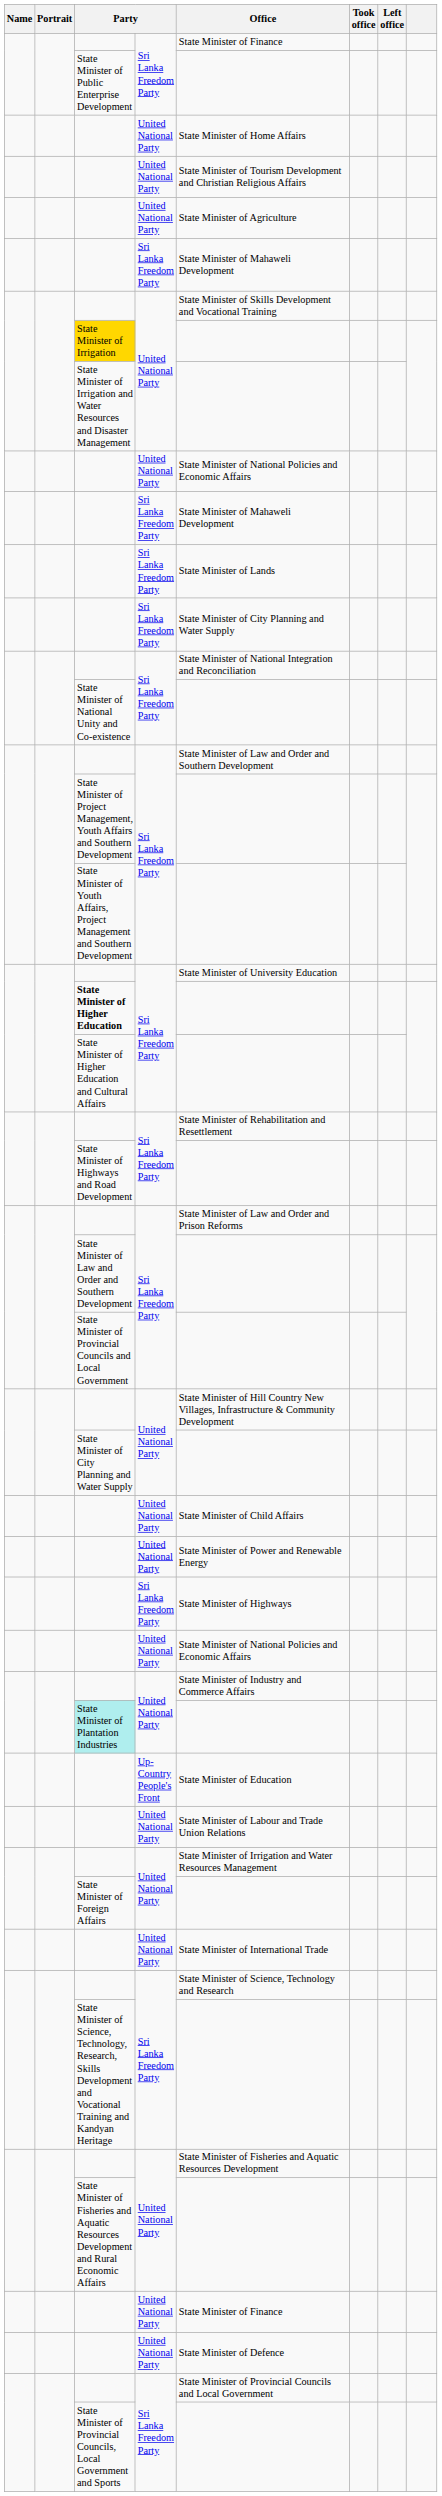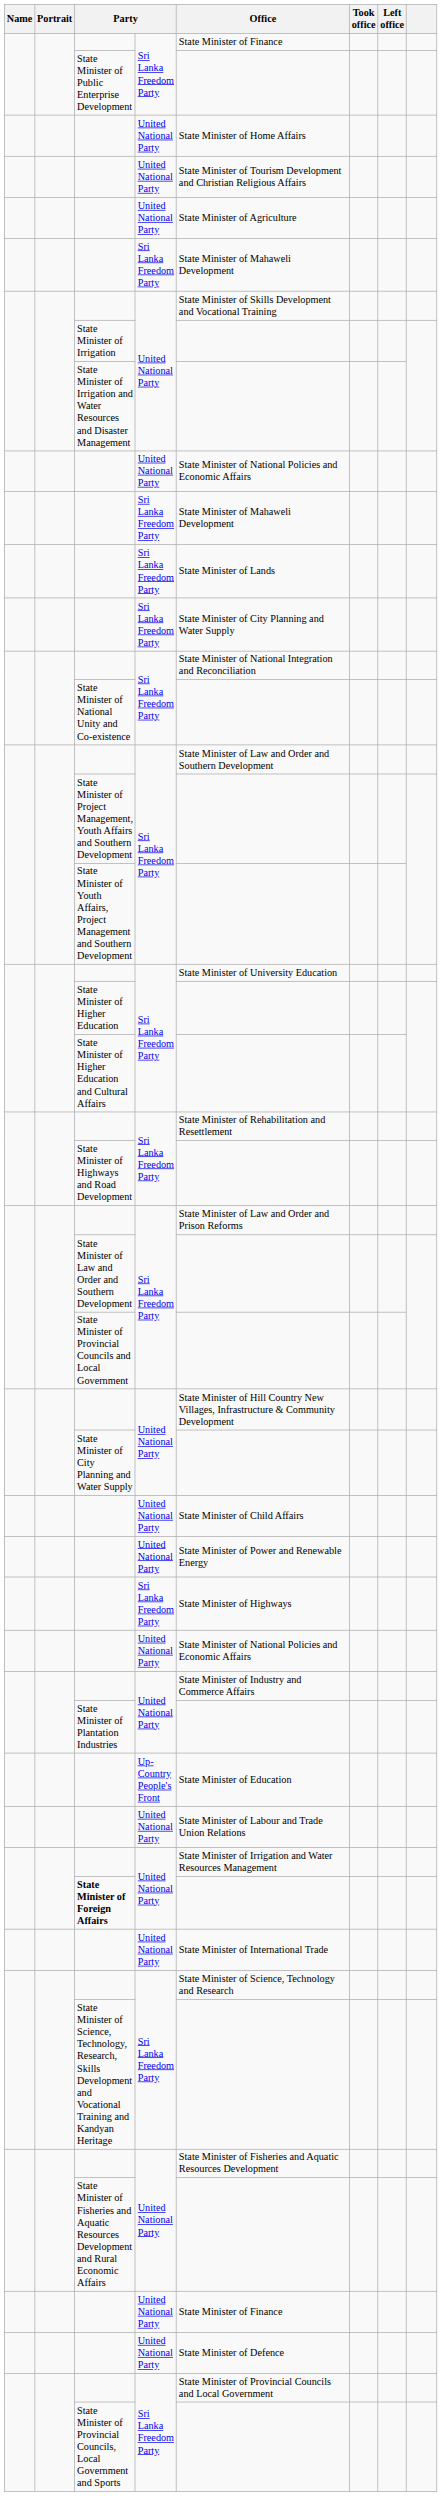 <table class="wikitable plainrowheaders sortable" style="font-size:90%; text-align:left;">
 <tr>
 <th scope=col>Name</th>
 <th scope=col class=unsortable>Portrait</th>
 <th scope=col colspan="2">Party</th>
 <th scope=col width=300px>Office</th>
 <th scope=col>Took office</th>
 <th scope=col>Left office</th>
 <th scope=col width=50px class=unsortable></th>
 </tr>
 <tr>
 <td rowspan=2></td>
 <td align=center rowspan=2></td>
 <td !align="center" style="background:"></td>
 <td rowspan=2><a href='#'>Sri Lanka Freedom Party</a></td>
 <td>State Minister of Finance</td>
 <td align=center></td>
 <td align=center></td>
 <td align=center></td>
 </tr>
 <tr>
 <td>State Minister of Public Enterprise Development</td>
 <td align=center></td>
 <td align=center></td>
 <td align=center></td>
 </tr>
 <tr>
 <td></td>
 <td align=center></td>
 <td !align="center" style="background:"></td>
 <td><a href='#'>United National Party</a></td>
 <td>State Minister of Home Affairs</td>
 <td align=center></td>
 <td align=center></td>
 <td align=center></td>
 </tr>
 <tr>
 <td></td>
 <td align=center></td>
 <td !align="center" style="background:"></td>
 <td><a href='#'>United National Party</a></td>
 <td>State Minister of Tourism Development and Christian Religious Affairs</td>
 <td align=center></td>
 <td align=center></td>
 <td align=center></td>
 </tr>
 <tr>
 <td></td>
 <td align=center></td>
 <td !align="center" style="background:"></td>
 <td><a href='#'>United National Party</a></td>
 <td>State Minister of Agriculture</td>
 <td align=center></td>
 <td align=center></td>
 <td align=center></td>
 </tr>
 <tr>
 <td></td>
 <td align=center></td>
 <td !align="center" style="background:"></td>
 <td><a href='#'>Sri Lanka Freedom Party</a></td>
 <td>State Minister of Mahaweli Development</td>
 <td align=center></td>
 <td align=center></td>
 <td align=center></td>
 </tr>
 <tr>
 <td rowspan=3></td>
 <td align=center rowspan=3></td>
 <td !align="center" style="background:"></td>
 <td rowspan=3><a href='#'>United National Party</a></td>
 <td>State Minister of Skills Development and Vocational Training</td>
 <td align=center></td>
 <td align=center></td>
 <td align=center></td>
 </tr>
 <tr>
-<td style="background: gold;">State Minister of Irrigation</td>
+<td>State Minister of Irrigation</td>
 <td align=center></td>
 <td align=center></td>
 <td align=center></td>
 </tr>
 <tr>
 <td>State Minister of Irrigation and Water Resources and Disaster Management</td>
 <td align=center></td>
 <td align=center></td>
 <td align=center></td>
 </tr>
 <tr>
 <td></td>
 <td align=center></td>
 <td !align="center" style="background:"></td>
 <td><a href='#'>United National Party</a></td>
 <td>State Minister of National Policies and Economic Affairs</td>
 <td align=center></td>
 <td align=center></td>
 <td align=center></td>
 </tr>
 <tr>
 <td></td>
 <td align=center></td>
 <td !align="center" style="background:"></td>
 <td><a href='#'>Sri Lanka Freedom Party</a></td>
 <td>State Minister of Mahaweli Development</td>
 <td align=center></td>
 <td align=center></td>
 <td align=center></td>
 </tr>
 <tr>
 <td></td>
 <td align=center></td>
 <td !align="center" style="background:"></td>
 <td><a href='#'>Sri Lanka Freedom Party</a></td>
 <td>State Minister of Lands</td>
 <td align=center></td>
 <td align=center></td>
 <td align=center></td>
 </tr>
 <tr>
 <td></td>
 <td align=center></td>
 <td !align="center" style="background:"></td>
 <td><a href='#'>Sri Lanka Freedom Party</a></td>
 <td>State Minister of City Planning and Water Supply</td>
 <td align=center></td>
 <td align=center></td>
 <td align=center></td>
 </tr>
 <tr>
 <td rowspan=2></td>
 <td align=center rowspan=2></td>
 <td !align="center" style="background:"></td>
 <td rowspan=2><a href='#'>Sri Lanka Freedom Party</a></td>
 <td>State Minister of National Integration and Reconciliation</td>
 <td align=center></td>
 <td align=center></td>
 <td align=center></td>
 </tr>
 <tr>
 <td>State Minister of National Unity and Co-existence</td>
 <td align=center></td>
 <td align=center></td>
 <td align=center></td>
 </tr>
 <tr>
 <td rowspan=3></td>
 <td align=center rowspan=3></td>
 <td !align="center" style="background:"></td>
 <td rowspan=3><a href='#'>Sri Lanka Freedom Party</a></td>
 <td>State Minister of Law and Order and Southern Development</td>
 <td align=center></td>
 <td align=center></td>
 <td align=center></td>
 </tr>
 <tr>
 <td>State Minister of Project Management, Youth Affairs and Southern Development</td>
 <td align=center></td>
 <td align=center></td>
 <td align=center></td>
 </tr>
 <tr>
 <td>State Minister of Youth Affairs, Project Management and Southern Development</td>
 <td align=center></td>
 <td align=center></td>
 <td align=center></td>
 </tr>
 <tr>
 <td rowspan=3></td>
 <td align=center rowspan=3></td>
 <td !align="center" style="background:"></td>
 <td rowspan=3><a href='#'>Sri Lanka Freedom Party</a></td>
 <td>State Minister of University Education</td>
 <td align=center></td>
 <td align=center></td>
 <td align=center></td>
 </tr>
 <tr>
-<td><strong>State Minister of Higher Education</strong></td>
+<td>State Minister of Higher Education</td>
 <td align=center></td>
 <td align=center></td>
 <td align=center></td>
 </tr>
 <tr>
 <td>State Minister of Higher Education and Cultural Affairs</td>
 <td align=center></td>
 <td align=center></td>
 <td align=center></td>
 </tr>
 <tr>
 <td rowspan=2></td>
 <td align=center rowspan=2></td>
 <td !align="center" style="background:"></td>
 <td rowspan=2><a href='#'>Sri Lanka Freedom Party</a></td>
 <td>State Minister of Rehabilitation and Resettlement</td>
 <td align=center></td>
 <td align=center></td>
 <td align=center></td>
 </tr>
 <tr>
 <td>State Minister of Highways and Road Development</td>
 <td align=center></td>
 <td align=center></td>
 <td align=center></td>
 </tr>
 <tr>
 <td rowspan=3></td>
 <td align=center rowspan=3></td>
 <td !align="center" style="background:"></td>
 <td rowspan=3><a href='#'>Sri Lanka Freedom Party</a></td>
 <td>State Minister of Law and Order and Prison Reforms</td>
 <td align=center></td>
 <td align=center></td>
 <td align=center></td>
 </tr>
 <tr>
 <td>State Minister of Law and Order and Southern Development</td>
 <td align=center></td>
 <td align=center></td>
 <td align=center></td>
 </tr>
 <tr>
 <td>State Minister of Provincial Councils and Local Government</td>
 <td align=center></td>
 <td align=center></td>
 <td align=center></td>
 </tr>
 <tr>
 <td rowspan=2></td>
 <td align=center rowspan=2></td>
 <td !align="center" style="background:"></td>
 <td rowspan=2><a href='#'>United National Party</a></td>
 <td>State Minister of Hill Country New Villages, Infrastructure & Community Development</td>
 <td align=center></td>
 <td align=center></td>
 <td align=center></td>
 </tr>
 <tr>
 <td>State Minister of City Planning and Water Supply</td>
 <td align=center></td>
 <td align=center></td>
 <td align=center></td>
 </tr>
 <tr>
 <td></td>
 <td align=center></td>
 <td !align="center" style="background:"></td>
 <td><a href='#'>United National Party</a></td>
 <td>State Minister of Child Affairs</td>
 <td align=center></td>
 <td align=center></td>
 <td align=center></td>
 </tr>
 <tr>
 <td></td>
 <td align=center></td>
 <td !align="center" style="background:"></td>
 <td><a href='#'>United National Party</a></td>
 <td>State Minister of Power and Renewable Energy</td>
 <td align=center></td>
 <td align=center></td>
 <td align=center></td>
 </tr>
 <tr>
 <td></td>
 <td align=center></td>
 <td !align="center" style="background:"></td>
 <td><a href='#'>Sri Lanka Freedom Party</a></td>
 <td>State Minister of Highways</td>
 <td align=center></td>
 <td align=center></td>
 <td align=center></td>
 </tr>
 <tr>
 <td></td>
 <td align=center></td>
 <td !align="center" style="background:"></td>
 <td><a href='#'>United National Party</a></td>
 <td>State Minister of National Policies and Economic Affairs</td>
 <td align=center></td>
 <td align=center></td>
 <td align=center></td>
 </tr>
 <tr>
 <td rowspan=2></td>
 <td align=center rowspan=2></td>
 <td !align="center" style="background:"></td>
 <td rowspan=2><a href='#'>United National Party</a></td>
 <td>State Minister of Industry and Commerce Affairs</td>
 <td align=center></td>
 <td align=center></td>
 <td align=center></td>
 </tr>
 <tr>
-<td style="background: paleturquoise;">State Minister of Plantation Industries</td>
+<td>State Minister of Plantation Industries</td>
 <td align=center></td>
 <td align=center></td>
 <td align=center></td>
 </tr>
 <tr>
 <td></td>
 <td align=center></td>
 <td !align="center" style="background:"></td>
 <td><a href='#'>Up-Country People's Front</a></td>
 <td>State Minister of Education</td>
 <td align=center></td>
 <td align=center></td>
 <td align=center></td>
 </tr>
 <tr>
 <td></td>
 <td align=center></td>
 <td !align="center" style="background:"></td>
 <td><a href='#'>United National Party</a></td>
 <td>State Minister of Labour and Trade Union Relations</td>
 <td align=center></td>
 <td align=center></td>
 <td align=center></td>
 </tr>
 <tr>
 <td rowspan=2></td>
 <td align=center rowspan=2></td>
 <td !align="center" style="background:"></td>
 <td rowspan=2><a href='#'>United National Party</a></td>
 <td>State Minister of Irrigation and Water Resources Management</td>
 <td align=center></td>
 <td align=center></td>
 <td align=center></td>
 </tr>
 <tr>
-<td>State Minister of Foreign Affairs</td>
+<td><strong>State Minister of Foreign Affairs</strong></td>
 <td align=center></td>
 <td align=center></td>
 <td align=center></td>
 </tr>
 <tr>
 <td></td>
 <td align=center></td>
 <td !align="center" style="background:"></td>
 <td><a href='#'>United National Party</a></td>
 <td>State Minister of International Trade</td>
 <td align=center></td>
 <td align=center></td>
 <td align=center></td>
 </tr>
 <tr>
 <td rowspan=2></td>
 <td rowspan=2></td>
 <td !align="center" style="background:"></td>
 <td rowspan=2><a href='#'>Sri Lanka Freedom Party</a></td>
 <td>State Minister of Science, Technology and Research</td>
 <td align=center></td>
 <td align=center></td>
 <td align=center></td>
 </tr>
 <tr>
 <td>State Minister of Science, Technology, Research, Skills Development and Vocational Training and Kandyan Heritage</td>
 <td align=center></td>
 <td align=center></td>
 <td align=center></td>
 </tr>
 <tr>
 <td rowspan=2></td>
 <td align=center rowspan=2></td>
 <td !align="center" style="background:"></td>
 <td rowspan=2><a href='#'>United National Party</a></td>
 <td>State Minister of Fisheries and Aquatic Resources Development</td>
 <td align=center></td>
 <td align=center></td>
 <td align=center></td>
 </tr>
 <tr>
 <td>State Minister of Fisheries and Aquatic Resources Development and Rural Economic Affairs</td>
 <td align=center></td>
 <td align=center></td>
 <td align=center></td>
 </tr>
 <tr>
 <td></td>
 <td align=center></td>
 <td !align="center" style="background:"></td>
 <td><a href='#'>United National Party</a></td>
 <td>State Minister of Finance</td>
 <td align=center></td>
 <td align=center></td>
 <td align=center></td>
 </tr>
 <tr>
 <td></td>
 <td align=center></td>
 <td !align="center" style="background:"></td>
 <td><a href='#'>United National Party</a></td>
 <td>State Minister of Defence</td>
 <td align=center></td>
 <td align=center></td>
 <td align=center></td>
 </tr>
 <tr>
 <td rowspan=2></td>
 <td align=center rowspan=2></td>
 <td !align="center" style="background:"></td>
 <td rowspan=2><a href='#'>Sri Lanka Freedom Party</a></td>
 <td>State Minister of Provincial Councils and Local Government</td>
 <td align=center></td>
 <td align=center></td>
 <td align=center></td>
 </tr>
 <tr>
 <td>State Minister of Provincial Councils, Local Government and Sports</td>
 <td align=center></td>
 <td align=center></td>
 <td align=center></td>
 </tr>
 </table>
